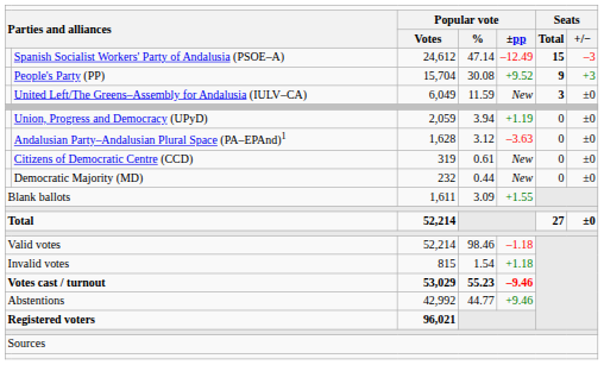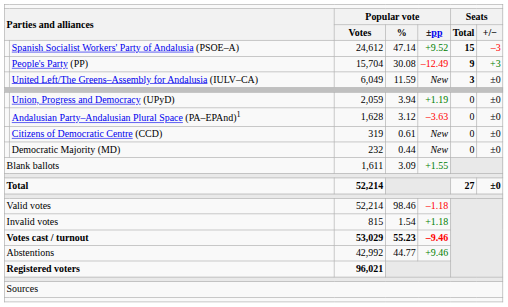 <table class="wikitable" style="text-align:right;">
 <tr>
 <td colspan="7"></td>
 </tr>
 <tr>
 <th style="text-align:left;" rowspan="2" colspan="2" width="525">Parties and alliances</th>
 <th colspan="3">Popular vote</th>
 <th colspan="2">Seats</th>
 </tr>
 <tr>
 <th width="75">Votes</th>
 <th width="45">%</th>
 <th width="45">±<a href='#'>pp</a></th>
 <th width="35">Total</th>
 <th width="35">+/−</th>
 </tr>
 <tr>
 <td width="1" style="color:inherit;background:"></td>
 <td align="left"><a href='#'>Spanish Socialist Workers' Party of Andalusia</a> (PSOE–A)</td>
 <td>24,612</td>
 <td>47.14</td>
-<td style="color:red;">–12.49</td>
+<td style="color:green;">+9.52</td>
 <td><strong>15</strong></td>
 <td style="color:red;">–3</td>
 </tr>
 <tr>
 <td style="color:inherit;background:"></td>
 <td align="left"><a href='#'>People's Party</a> (PP)</td>
 <td>15,704</td>
 <td>30.08</td>
-<td style="color:green;">+9.52</td>
+<td style="color:red;">–12.49</td>
 <td><strong>9</strong></td>
 <td style="color:green;">+3</td>
 </tr>
 <tr>
 <td style="color:inherit;background:"></td>
 <td align="left"><a href='#'>United Left/The Greens–Assembly for Andalusia</a> (IULV–CA)</td>
 <td>6,049</td>
 <td>11.59</td>
 <td><em>New</em></td>
 <td><strong>3</strong></td>
 <td>±0</td>
 </tr>
 <tr>
 <td colspan="7" bgcolor="#C0C0C0"></td>
 </tr>
 <tr>
 <td style="color:inherit;background:"></td>
 <td align="left"><a href='#'>Union, Progress and Democracy</a> (UPyD)</td>
 <td>2,059</td>
 <td>3.94</td>
 <td style="color:green;">+1.19</td>
 <td>0</td>
 <td>±0</td>
 </tr>
 <tr>
 <td style="color:inherit;background:"></td>
 <td align="left"><a href='#'>Andalusian Party–Andalusian Plural Space</a> (PA–EPAnd)<sup>1</sup></td>
 <td>1,628</td>
 <td>3.12</td>
 <td style="color:red;">–3.63</td>
 <td>0</td>
 <td>±0</td>
 </tr>
 <tr>
 <td style="color:inherit;background:"></td>
 <td align="left"><a href='#'>Citizens of Democratic Centre</a> (CCD)</td>
 <td>319</td>
 <td>0.61</td>
 <td><em>New</em></td>
 <td>0</td>
 <td>±0</td>
 </tr>
 <tr>
 <td style="color:inherit;background:"></td>
 <td align="left">Democratic Majority (MD)</td>
 <td>232</td>
 <td>0.44</td>
 <td><em>New</em></td>
 <td>0</td>
 <td>±0</td>
 </tr>
 <tr>
 <td align="left" colspan="2">Blank ballots</td>
 <td>1,611</td>
 <td>3.09</td>
 <td style="color:green;">+1.55</td>
 <td bgcolor="#E9E9E9" colspan="2"></td>
 </tr>
 <tr>
 <td colspan="7" bgcolor="#E9E9E9"></td>
 </tr>
 <tr style="font-weight:bold;">
 <td align="left" colspan="2">Total</td>
 <td>52,214</td>
 <td bgcolor="#E9E9E9" colspan="2"></td>
 <td>27</td>
 <td>±0</td>
 </tr>
 <tr>
 <td colspan="7" bgcolor="#E9E9E9"></td>
 </tr>
 <tr>
 <td align="left" colspan="2">Valid votes</td>
 <td>52,214</td>
 <td>98.46</td>
 <td style="color:red;">–1.18</td>
 <td bgcolor="#E9E9E9" colspan="2" rowspan="5"></td>
 </tr>
 <tr>
 <td align="left" colspan="2">Invalid votes</td>
 <td>815</td>
 <td>1.54</td>
 <td style="color:green;">+1.18</td>
 </tr>
 <tr style="font-weight:bold;">
 <td align="left" colspan="2">Votes cast / turnout</td>
 <td>53,029</td>
 <td>55.23</td>
 <td style="color:red;">–9.46</td>
 </tr>
 <tr>
 <td align="left" colspan="2">Abstentions</td>
 <td>42,992</td>
 <td>44.77</td>
 <td style="color:green;">+9.46</td>
 </tr>
 <tr style="font-weight:bold;">
 <td align="left" colspan="2">Registered voters</td>
 <td>96,021</td>
 <td bgcolor="#E9E9E9" colspan="2"></td>
 </tr>
 <tr>
 <td colspan="7" bgcolor="#E9E9E9"></td>
 </tr>
 <tr>
 <td align="left" colspan="7">Sources</td>
 </tr>
 <tr>
 <td colspan="7" style="text-align:left; max-width:790px;"></td>
 </tr>
 </table>
